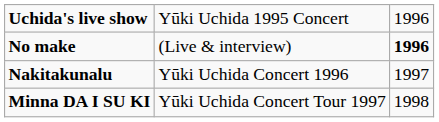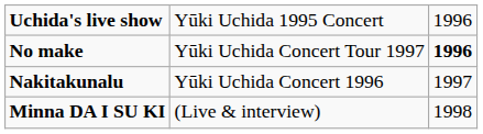 <table class="wikitable">
 <tr>
 <td><strong>Uchida's live show</strong></td>
 <td>Yūki Uchida 1995 Concert</td>
 <td>1996</td>
 </tr>
 <tr>
 <td><strong>No make</strong></td>
-<td>(Live & interview)</td>
+<td>Yūki Uchida Concert Tour 1997</td>
 <td><strong>1996</strong></td>
 </tr>
 <tr>
 <td><strong>Nakitakunalu</strong></td>
 <td>Yūki Uchida Concert 1996</td>
 <td>1997</td>
 </tr>
 <tr>
 <td><strong>Minna DA I SU KI</strong></td>
-<td>Yūki Uchida Concert Tour 1997</td>
+<td>(Live & interview)</td>
 <td>1998</td>
 </tr>
 </table>
